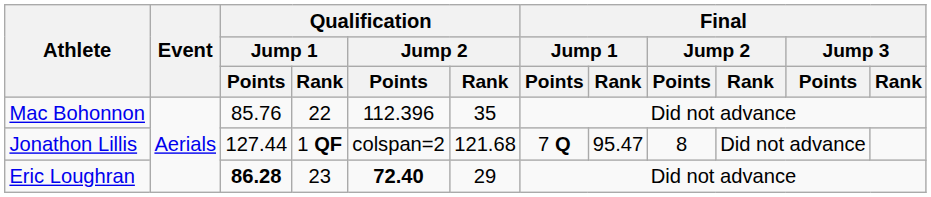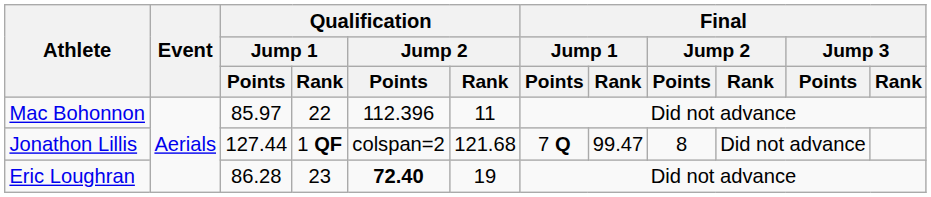 <table class=wikitable style=font-size:90%;text-align:center>
 <tr>
 <th rowspan=3>Athlete</th>
 <th rowspan=3>Event</th>
 <th colspan=4>Qualification</th>
 <th colspan=6>Final</th>
 </tr>
 <tr style=font-size:95%>
 <th colspan=2>Jump 1</th>
 <th colspan=2>Jump 2</th>
 <th colspan=2>Jump 1</th>
 <th colspan=2>Jump 2</th>
 <th colspan=2>Jump 3</th>
 </tr>
 <tr style=font-size:95%>
 <th>Points</th>
 <th>Rank</th>
 <th>Points</th>
 <th>Rank</th>
 <th>Points</th>
 <th>Rank</th>
 <th>Points</th>
 <th>Rank</th>
 <th>Points</th>
 <th>Rank</th>
 </tr>
 <tr>
 <td align=left><a href='#'>Mac Bohonnon</a></td>
 <td style="text-align:left;" rowspan="3"><a href='#'>Aerials</a></td>
-<td>85.76</td>
+<td>85.97</td>
 <td>22</td>
 <td>112.396</td>
-<td>35</td>
+<td>11</td>
 <td colspan=6>Did not advance</td>
 </tr>
 <tr>
 <td align=left><a href='#'>Jonathon Lillis</a></td>
 <td>127.44</td>
 <td>1 <strong>QF</strong></td>
 <td>colspan=2 </td>
 <td>121.68</td>
 <td>7 <strong>Q</strong></td>
-<td>95.47</td>
+<td>99.47</td>
 <td>8</td>
 <td colspan=2>Did not advance</td>
 </tr>
 <tr>
 <td align=left><a href='#'>Eric Loughran</a></td>
-<td><strong>86.28</strong></td>
+<td>86.28</td>
 <td>23</td>
 <td><strong>72.40</strong></td>
-<td>29</td>
+<td>19</td>
 <td colspan=6>Did not advance</td>
 </tr>
 </table>
